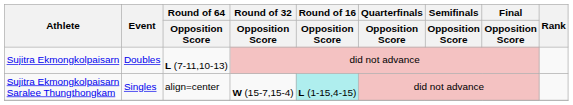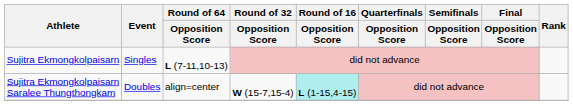 <table class=wikitable style="font-size:90%">
 <tr>
 <th rowspan="2">Athlete</th>
 <th rowspan="2">Event</th>
 <th>Round of 64</th>
 <th>Round of 32</th>
 <th>Round of 16</th>
 <th>Quarterfinals</th>
 <th>Semifinals</th>
 <th>Final</th>
 <th rowspan="2">Rank</th>
 </tr>
 <tr>
 <th>Opposition<br>Score</th>
 <th>Opposition<br>Score</th>
 <th>Opposition<br>Score</th>
 <th>Opposition<br>Score</th>
 <th>Opposition<br>Score</th>
 <th>Opposition<br>Score</th>
 </tr>
 <tr>
 <td><a href='#'>Sujitra Ekmongkolpaisarn</a></td>
-<td><a href='#'>Doubles</a></td>
+<td><a href='#'>Singles</a></td>
 <td><br> <strong>L</strong> (7-11,10-13)</td>
 <td bgcolor="f4c2c2" colspan=5 align="center">did not advance</td>
 <td></td>
 </tr>
 <tr>
 <td><a href='#'>Sujitra Ekmongkolpaisarn</a><br><a href='#'>Saralee Thungthongkam</a></td>
-<td><a href='#'>Singles</a></td>
+<td><a href='#'>Doubles</a></td>
 <td>align=center </td>
 <td><br> <strong>W</strong> (15-7,15-4)</td>
 <td style="background: paleturquoise;"><br> <strong>L</strong> (1-15,4-15)</td>
 <td bgcolor="f4c2c2" colspan=3 align="center">did not advance</td>
 <td></td>
 </tr>
 <tr>
 </tr>
 </table>
